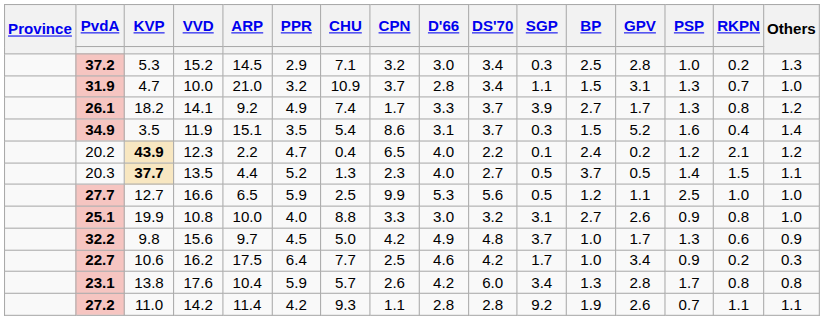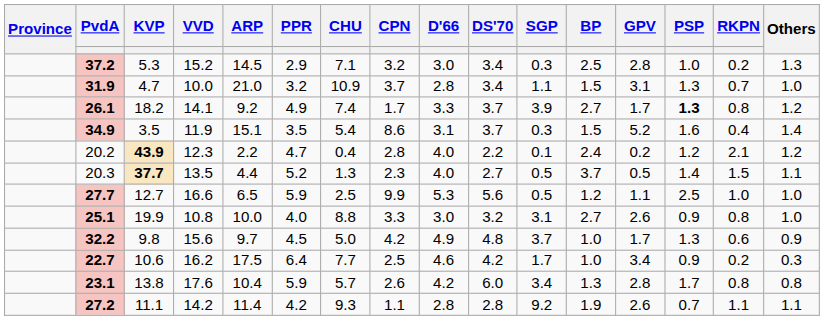 <table class="wikitable sortable" style="text-align:center;font-size:90%;line-height:14px">
 <tr style="height:40px;">
 <th rowspan="2"><a href='#'>Province</a></th>
 <th style="width:40px;"><a href='#'>PvdA</a></th>
 <th style="width:40px;"><a href='#'>KVP</a></th>
 <th style="width:40px;"><a href='#'>VVD</a></th>
 <th style="width:40px;"><a href='#'>ARP</a></th>
 <th style="width:40px;"><a href='#'>PPR</a></th>
 <th style="width:40px;"><a href='#'>CHU</a></th>
 <th style="width:40px;"><a href='#'>CPN</a></th>
 <th style="width:40px;"><a href='#'>D'66</a></th>
 <th style="width:40px;"><a href='#'>DS'70</a></th>
 <th style="width:40px;"><a href='#'>SGP</a></th>
 <th style="width:40px;"><a href='#'>BP</a></th>
 <th style="width:40px;"><a href='#'>GPV</a></th>
 <th style="width:40px;"><a href='#'>PSP</a></th>
 <th style="width:40px;"><a href='#'>RKPN</a></th>
 <th style="width:40px;" rowspan="2">Others</th>
 </tr>
 <tr>
 <th style="background:"></th>
 <th style="background:"></th>
 <th style="background:"></th>
 <th style="background:"></th>
 <th style="background:"></th>
 <th style="background:"></th>
 <th style="background:"></th>
 <th style="background:"></th>
 <th style="background:"></th>
 <th style="background:"></th>
 <th style="background:"></th>
 <th style="background:"></th>
 <th style="background:"></th>
 <th style="background:"></th>
 </tr>
 <tr>
 <td align="left"></td>
 <td style="background:#F6C5C1;"><strong>37.2</strong></td>
 <td>5.3</td>
 <td>15.2</td>
 <td>14.5</td>
 <td>2.9</td>
 <td>7.1</td>
 <td>3.2</td>
 <td>3.0</td>
 <td>3.4</td>
 <td>0.3</td>
 <td>2.5</td>
 <td>2.8</td>
 <td>1.0</td>
 <td>0.2</td>
 <td>1.3</td>
 </tr>
 <tr>
 <td align="left"></td>
 <td style="background:#F6C5C1;"><strong>31.9</strong></td>
 <td>4.7</td>
 <td>10.0</td>
 <td>21.0</td>
 <td>3.2</td>
 <td>10.9</td>
 <td>3.7</td>
 <td>2.8</td>
 <td>3.4</td>
 <td>1.1</td>
 <td>1.5</td>
 <td>3.1</td>
 <td>1.3</td>
 <td>0.7</td>
 <td>1.0</td>
 </tr>
 <tr>
 <td align="left"></td>
 <td style="background:#F6C5C1;"><strong>26.1</strong></td>
 <td>18.2</td>
 <td>14.1</td>
 <td>9.2</td>
 <td>4.9</td>
 <td>7.4</td>
 <td>1.7</td>
 <td>3.3</td>
 <td>3.7</td>
 <td>3.9</td>
 <td>2.7</td>
 <td>1.7</td>
-<td>1.3</td>
+<td><strong>1.3</strong></td>
 <td>0.8</td>
 <td>1.2</td>
 </tr>
 <tr>
 <td align="left"></td>
 <td style="background:#F6C5C1;"><strong>34.9</strong></td>
 <td>3.5</td>
 <td>11.9</td>
 <td>15.1</td>
 <td>3.5</td>
 <td>5.4</td>
 <td>8.6</td>
 <td>3.1</td>
 <td>3.7</td>
 <td>0.3</td>
 <td>1.5</td>
 <td>5.2</td>
 <td>1.6</td>
 <td>0.4</td>
 <td>1.4</td>
 </tr>
 <tr>
 <td align="left"></td>
 <td>20.2</td>
 <td style="background:#f8e7c1;"><strong>43.9</strong></td>
 <td>12.3</td>
 <td>2.2</td>
 <td>4.7</td>
 <td>0.4</td>
-<td>6.5</td>
+<td>2.8</td>
 <td>4.0</td>
 <td>2.2</td>
 <td>0.1</td>
 <td>2.4</td>
 <td>0.2</td>
 <td>1.2</td>
 <td>2.1</td>
 <td>1.2</td>
 </tr>
 <tr>
 <td align="left"></td>
 <td>20.3</td>
 <td style="background:#f8e7c1;"><strong>37.7</strong></td>
 <td>13.5</td>
 <td>4.4</td>
 <td>5.2</td>
 <td>1.3</td>
 <td>2.3</td>
 <td>4.0</td>
 <td>2.7</td>
 <td>0.5</td>
 <td>3.7</td>
 <td>0.5</td>
 <td>1.4</td>
 <td>1.5</td>
 <td>1.1</td>
 </tr>
 <tr>
 <td align="left"></td>
 <td style="background:#F6C5C1;"><strong>27.7</strong></td>
 <td>12.7</td>
 <td>16.6</td>
 <td>6.5</td>
 <td>5.9</td>
 <td>2.5</td>
 <td>9.9</td>
 <td>5.3</td>
 <td>5.6</td>
 <td>0.5</td>
 <td>1.2</td>
 <td>1.1</td>
 <td>2.5</td>
 <td>1.0</td>
 <td>1.0</td>
 </tr>
 <tr>
 <td align="left"></td>
 <td style="background:#F6C5C1;"><strong>25.1</strong></td>
 <td>19.9</td>
 <td>10.8</td>
 <td>10.0</td>
 <td>4.0</td>
 <td>8.8</td>
 <td>3.3</td>
 <td>3.0</td>
 <td>3.2</td>
 <td>3.1</td>
 <td>2.7</td>
 <td>2.6</td>
 <td>0.9</td>
 <td>0.8</td>
 <td>1.0</td>
 </tr>
 <tr>
 <td align="left"></td>
 <td style="background:#F6C5C1;"><strong>32.2</strong></td>
 <td>9.8</td>
 <td>15.6</td>
 <td>9.7</td>
 <td>4.5</td>
 <td>5.0</td>
 <td>4.2</td>
 <td>4.9</td>
 <td>4.8</td>
 <td>3.7</td>
 <td>1.0</td>
 <td>1.7</td>
 <td>1.3</td>
 <td>0.6</td>
 <td>0.9</td>
 </tr>
 <tr>
 <td align="left"></td>
 <td style="background:#F6C5C1;"><strong>22.7</strong></td>
 <td>10.6</td>
 <td>16.2</td>
 <td>17.5</td>
 <td>6.4</td>
 <td>7.7</td>
 <td>2.5</td>
 <td>4.6</td>
 <td>4.2</td>
 <td>1.7</td>
 <td>1.0</td>
 <td>3.4</td>
 <td>0.9</td>
 <td>0.2</td>
 <td>0.3</td>
 </tr>
 <tr>
 <td align="left"></td>
 <td style="background:#F6C5C1;"><strong>23.1</strong></td>
 <td>13.8</td>
 <td>17.6</td>
 <td>10.4</td>
 <td>5.9</td>
 <td>5.7</td>
 <td>2.6</td>
 <td>4.2</td>
 <td>6.0</td>
 <td>3.4</td>
 <td>1.3</td>
 <td>2.8</td>
 <td>1.7</td>
 <td>0.8</td>
 <td>0.8</td>
 </tr>
 <tr>
 <td align="left"></td>
 <td style="background:#F6C5C1;"><strong>27.2</strong></td>
-<td>11.0</td>
+<td>11.1</td>
 <td>14.2</td>
 <td>11.4</td>
 <td>4.2</td>
 <td>9.3</td>
 <td>1.1</td>
 <td>2.8</td>
 <td>2.8</td>
 <td>9.2</td>
 <td>1.9</td>
 <td>2.6</td>
 <td>0.7</td>
 <td>1.1</td>
 <td>1.1</td>
 </tr>
 </table>
